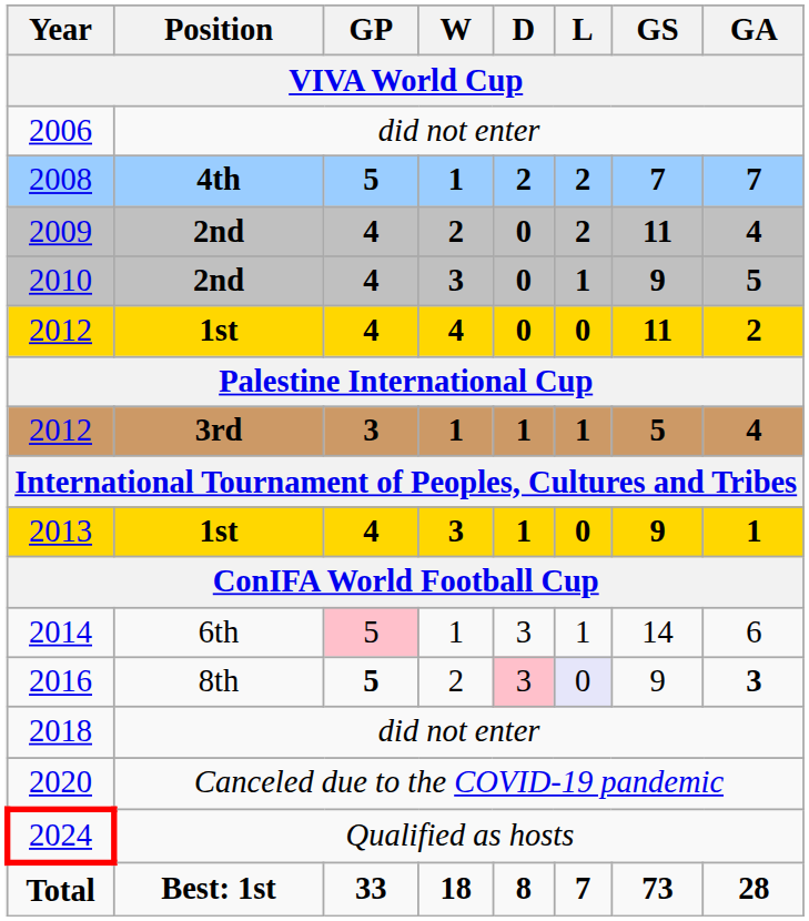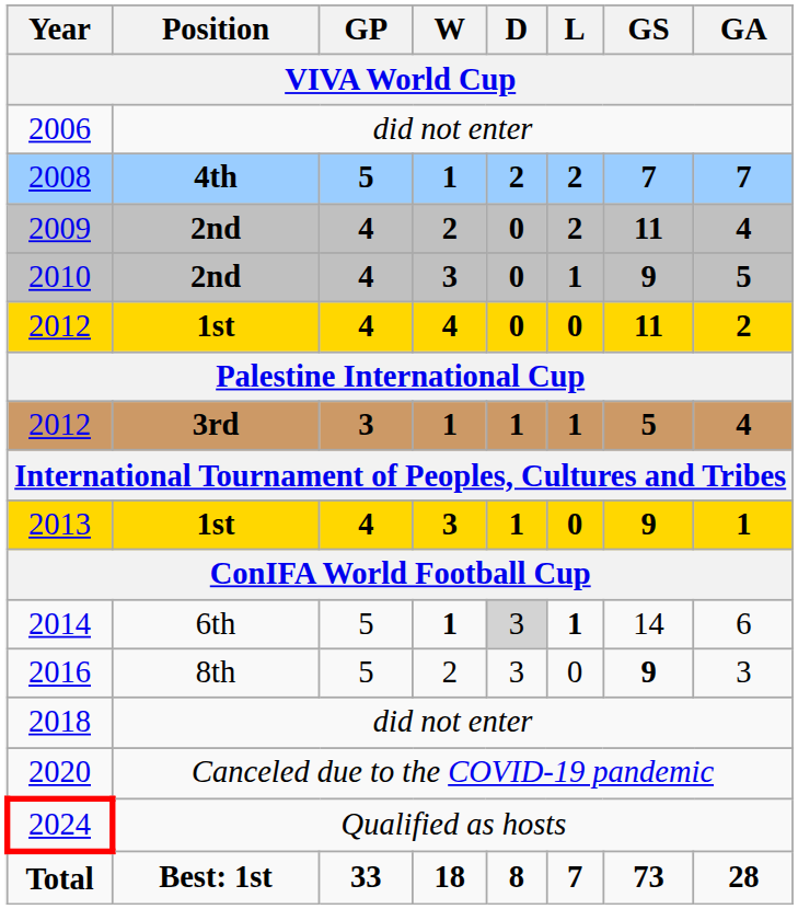 <table class="wikitable" style="text-align: center;">
 <tr>
 <th>Year</th>
 <th>Position</th>
 <th>GP</th>
 <th>W</th>
 <th>D</th>
 <th>L</th>
 <th>GS</th>
 <th>GA</th>
 </tr>
 <tr>
 <th colspan=8><a href='#'>VIVA World Cup</a></th>
 </tr>
 <tr>
 <td> <a href='#'>2006</a></td>
 <td colspan=7><em>did not enter</em></td>
 </tr>
 <tr style="background:#9acdff;">
 <td> <a href='#'>2008</a></td>
 <td><strong>4th</strong></td>
 <td><strong>5</strong></td>
 <td><strong>1</strong></td>
 <td><strong>2</strong></td>
 <td><strong>2</strong></td>
 <td><strong>7</strong></td>
 <td><strong>7</strong></td>
 </tr>
 <tr style="background:silver;">
 <td> <a href='#'>2009</a></td>
 <td><strong>2nd</strong></td>
 <td><strong>4</strong></td>
 <td><strong>2</strong></td>
 <td><strong>0</strong></td>
 <td><strong>2</strong></td>
 <td><strong>11</strong></td>
 <td><strong>4</strong></td>
 </tr>
 <tr style="background:silver;">
 <td> <a href='#'>2010</a></td>
 <td><strong>2nd</strong></td>
 <td><strong>4</strong></td>
 <td><strong>3</strong></td>
 <td><strong>0</strong></td>
 <td><strong>1</strong></td>
 <td><strong>9</strong></td>
 <td><strong>5</strong></td>
 </tr>
 <tr style="background:gold;">
 <td> <a href='#'>2012</a></td>
 <td><strong>1st</strong></td>
 <td><strong>4</strong></td>
 <td><strong>4</strong></td>
 <td><strong>0</strong></td>
 <td><strong>0</strong></td>
 <td><strong>11</strong></td>
 <td><strong>2</strong></td>
 </tr>
 <tr>
 <th colspan=8><a href='#'>Palestine International Cup</a></th>
 </tr>
 <tr bgcolor=cc9966>
 <td> <a href='#'>2012</a></td>
 <td><strong>3rd</strong></td>
 <td><strong>3</strong></td>
 <td><strong>1</strong></td>
 <td><strong>1</strong></td>
 <td><strong>1</strong></td>
 <td><strong>5</strong></td>
 <td><strong>4</strong></td>
 </tr>
 <tr>
 <th colspan=8><a href='#'>International Tournament of Peoples, Cultures and Tribes</a></th>
 </tr>
 <tr style="background:gold;">
 <td> <a href='#'>2013</a></td>
 <td><strong>1st</strong></td>
 <td><strong>4</strong></td>
 <td><strong>3</strong></td>
 <td><strong>1</strong></td>
 <td><strong>0</strong></td>
 <td><strong>9</strong></td>
 <td><strong>1</strong></td>
 </tr>
 <tr>
 <th colspan=8><a href='#'>ConIFA World Football Cup</a></th>
 </tr>
 <tr>
 <td> <a href='#'>2014</a></td>
 <td>6th</td>
-<td style="background: pink;">5</td>
-<td>1</td>
-<td>3</td>
-<td>1</td>
+<td>5</td>
+<td><strong>1</strong></td>
+<td style="background: lightgrey;">3</td>
+<td><strong>1</strong></td>
 <td>14</td>
 <td>6</td>
 </tr>
 <tr>
 <td> <a href='#'>2016</a></td>
 <td>8th</td>
-<td><strong>5</strong></td>
+<td>5</td>
 <td>2</td>
-<td style="background: pink;">3</td>
-<td style="background: lavender;">0</td>
-<td>9</td>
-<td><strong>3</strong></td>
+<td>3</td>
+<td>0</td>
+<td><strong>9</strong></td>
+<td>3</td>
 </tr>
 <tr>
 <td> <a href='#'>2018</a></td>
 <td colspan=7><em>did not enter</em></td>
 </tr>
 <tr>
 <td> <a href='#'>2020</a></td>
 <td colspan=7><em>Canceled due to the <a href='#'>COVID-19 pandemic</a></em></td>
 </tr>
 <tr>
 <td style="border: 3px solid red"> <a href='#'>2024</a></td>
 <td colspan=7><em>Qualified as hosts</em></td>
 </tr>
 <tr>
 <td><strong>Total</strong></td>
 <td><strong>Best: 1st</strong></td>
 <td><strong>33</strong></td>
 <td><strong>18</strong></td>
 <td><strong>8</strong></td>
 <td><strong>7</strong></td>
 <td><strong>73</strong></td>
 <td><strong>28</strong></td>
 </tr>
 </table>
